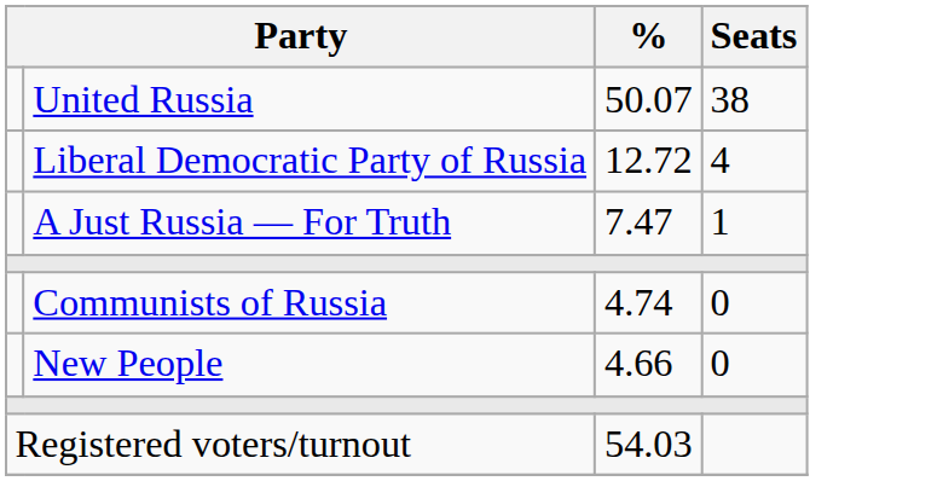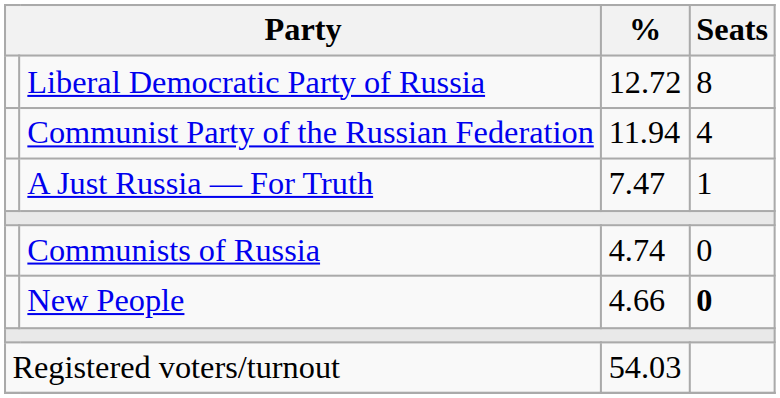 <table class="wikitable">
 <tr>
 <th colspan=2>Party</th>
 <th>%</th>
 <th>Seats</th>
 </tr>
 <tr>
 <td style="background:"></td>
-<td><a href='#'>United Russia</a></td>
-<td>50.07</td>
-<td>38</td>
+<td><a href='#'>Liberal Democratic Party of Russia</a></td>
+<td>12.72</td>
+<td>8</td>
 </tr>
 <tr>
 <td style="background:"></td>
-<td><a href='#'>Liberal Democratic Party of Russia</a></td>
-<td>12.72</td>
+<td><a href='#'>Communist Party of the Russian Federation</a></td>
+<td>11.94</td>
 <td>4</td>
 </tr>
 <tr>
 <td style="background:"></td>
 <td><a href='#'>A Just Russia — For Truth</a></td>
 <td>7.47</td>
 <td>1</td>
 </tr>
 <tr>
 <td colspan=4 style="background:#E9E9E9;"></td>
 </tr>
 <tr>
 <td style="background:"></td>
 <td><a href='#'>Communists of Russia</a></td>
 <td>4.74</td>
 <td>0</td>
 </tr>
 <tr>
 <td style="background:"></td>
 <td><a href='#'>New People</a></td>
 <td>4.66</td>
-<td>0</td>
+<td><strong>0</strong></td>
 </tr>
 <tr>
 <td colspan=4 style="background:#E9E9E9;"></td>
 </tr>
 <tr>
 <td align=left colspan=2>Registered voters/turnout</td>
 <td>54.03</td>
 <td></td>
 </tr>
 <tr>
 </tr>
 </table>
